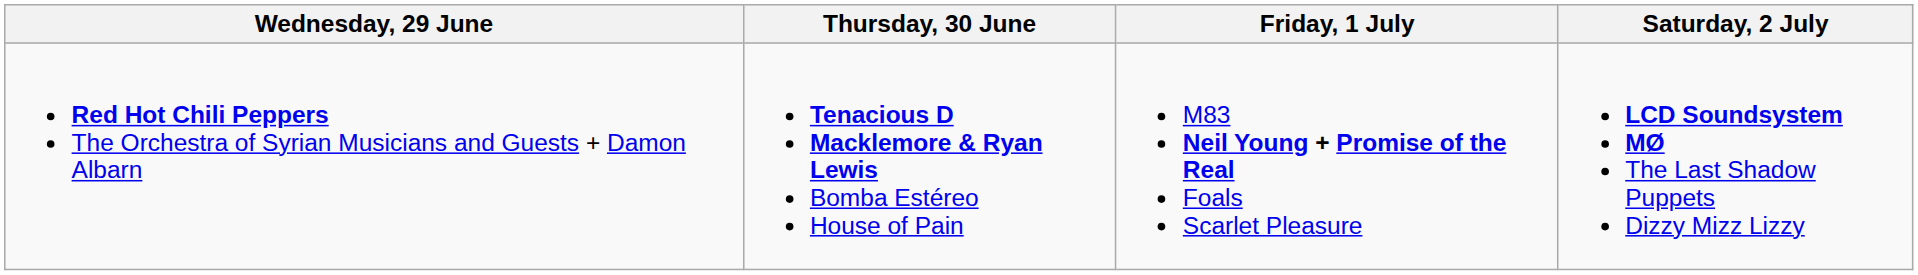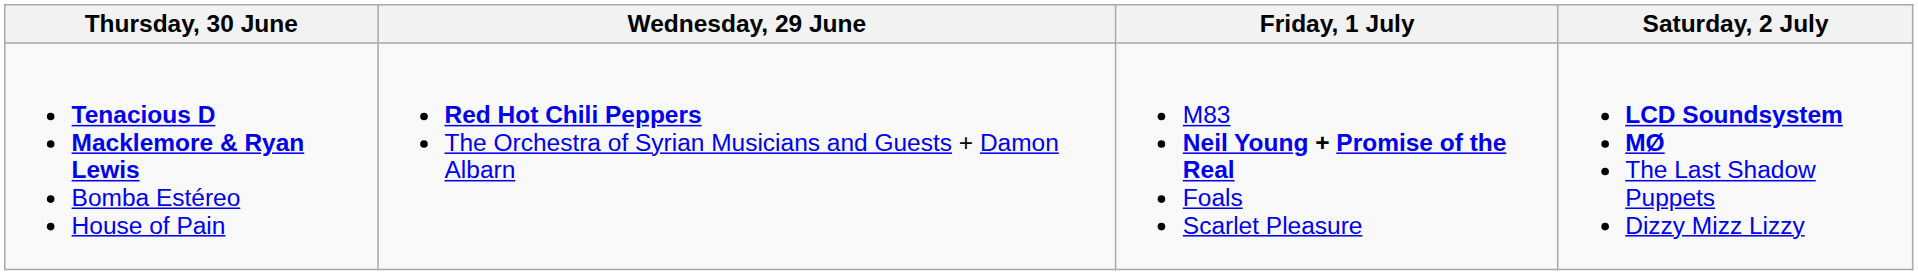 <table class="wikitable">
 <tr>
+<th>Thursday, 30 June</th>
 <th>Wednesday, 29 June</th>
-<th>Thursday, 30 June</th>
 <th>Friday, 1 July</th>
 <th>Saturday, 2 July</th>
 </tr>
 <tr valign="top">
+<td><br><ul><li><strong><a href='#'>Tenacious D</a></strong></li><li><strong><a href='#'>Macklemore & Ryan Lewis</a></strong></li><li><a href='#'>Bomba Estéreo</a></li><li><a href='#'>House of Pain</a></li></ul></td>
 <td><br><ul><li><strong><a href='#'>Red Hot Chili Peppers</a></strong></li><li><a href='#'>The Orchestra of Syrian Musicians and Guests</a> + <a href='#'>Damon Albarn</a></li></ul></td>
-<td><br><ul><li><strong><a href='#'>Tenacious D</a></strong></li><li><strong><a href='#'>Macklemore & Ryan Lewis</a></strong></li><li><a href='#'>Bomba Estéreo</a></li><li><a href='#'>House of Pain</a></li></ul></td>
 <td><br><ul><li><a href='#'>M83</a></li><li><strong><a href='#'>Neil Young</a> + <a href='#'>Promise of the Real</a></strong></li><li><a href='#'>Foals</a></li><li><a href='#'>Scarlet Pleasure</a></li></ul></td>
 <td><br><ul><li><strong><a href='#'>LCD Soundsystem</a></strong></li><li><strong><a href='#'>MØ</a></strong></li><li><a href='#'>The Last Shadow Puppets</a></li><li><a href='#'>Dizzy Mizz Lizzy</a></li></ul></td>
 </tr>
 </table>
